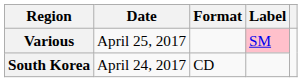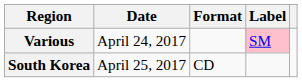 <table class="wikitable plainrowheaders">
 <tr>
 <th scope="col">Region</th>
 <th scope="col">Date</th>
 <th scope="col">Format</th>
 <th scope="col">Label</th>
 <th scope="col"></th>
 </tr>
 <tr>
 <th scope="row">Various</th>
-<td>April 25, 2017</td>
+<td>April 24, 2017</td>
 <td></td>
 <td style="background: pink;"><a href='#'>SM</a></td>
 <td rowspan="2" style="text-align:center"></td>
 </tr>
 <tr>
 <th scope="row">South Korea</th>
-<td>April 24, 2017</td>
+<td>April 25, 2017</td>
 <td>CD</td>
 <td></td>
 </tr>
 </table>
